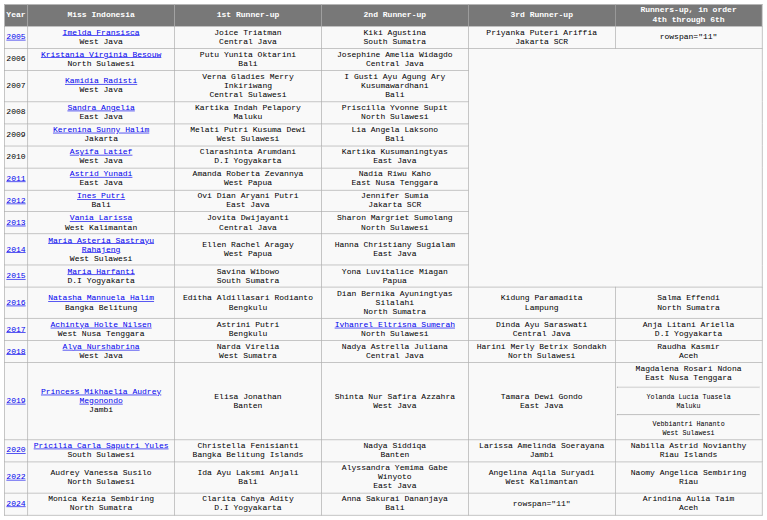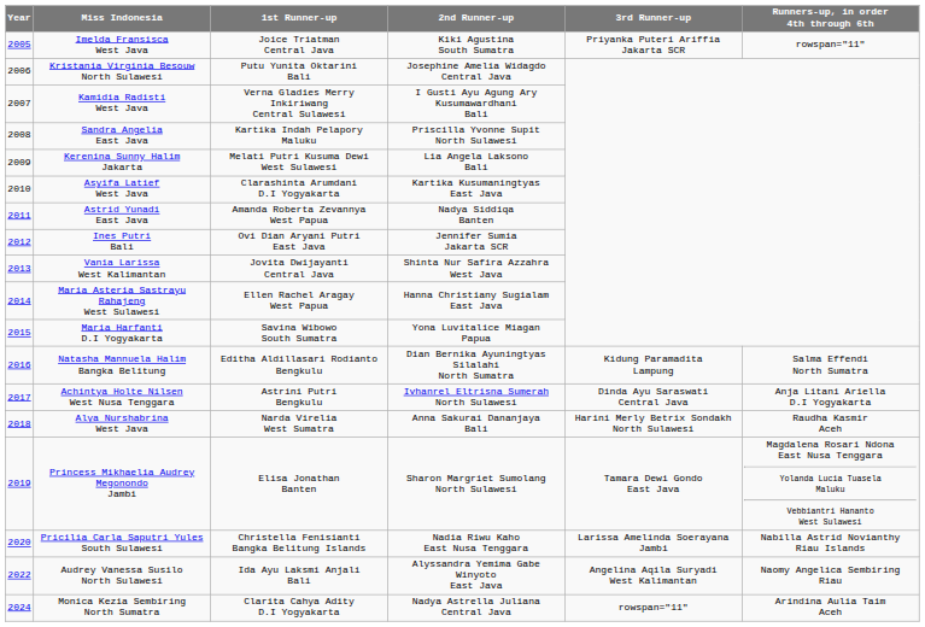 <table class="wikitable sortable" style="font-size: 95%; text-align:center">
 <tr>
 <th width="30" style="background-color:#787878;color:#FFFFFF;">Year</th>
 <th width="220" style="background-color:#787878;color:#FFFFFF;">Miss Indonesia</th>
 <th width="220" style="background-color:#787878;color:#FFFFFF;">1st Runner-up</th>
 <th width="220" style="background-color:#787878;color:#FFFFFF;">2nd Runner-up</th>
 <th width="220" style="background-color:#787878;color:#FFFFFF;">3rd Runner-up</th>
 <th width="220" style="background-color:#787878;color:#FFFFFF;">Runners-up, in order<br>4th through 6th</th>
 </tr>
 <tr>
 <td><a href='#'>2005</a></td>
 <td><a href='#'>Imelda Fransisca</a><br>West Java</td>
 <td>Joice Triatman<br>Central Java</td>
 <td>Kiki Agustina<br>South Sumatra</td>
 <td>Priyanka Puteri Ariffia<br>Jakarta SCR</td>
 <td>rowspan="11" </td>
 </tr>
 <tr>
 <td>2006</td>
 <td><a href='#'>Kristania Virginia Besouw</a><br>North Sulawesi</td>
 <td>Putu Yunita Oktarini<br>Bali</td>
 <td>Josephine Amelia Widagdo<br>Central Java</td>
 </tr>
 <tr>
 <td>2007</td>
 <td><a href='#'>Kamidia Radisti</a><br>West Java</td>
 <td>Verna Gladies Merry Inkiriwang<br>Central Sulawesi</td>
 <td>I Gusti Ayu Agung Ary Kusumawardhani<br>Bali</td>
 </tr>
 <tr>
 <td>2008</td>
 <td><a href='#'>Sandra Angelia</a><br>East Java</td>
 <td>Kartika Indah Pelapory<br>Maluku</td>
 <td>Priscilla Yvonne Supit<br>North Sulawesi</td>
 </tr>
 <tr>
 <td>2009</td>
 <td><a href='#'>Kerenina Sunny Halim</a><br>Jakarta</td>
 <td>Melati Putri Kusuma Dewi<br>West Sulawesi</td>
 <td>Lia Angela Laksono<br>Bali</td>
 </tr>
 <tr>
 <td>2010</td>
 <td><a href='#'>Asyifa Latief</a><br>West Java</td>
 <td>Clarashinta Arumdani<br>D.I Yogyakarta</td>
 <td>Kartika Kusumaningtyas<br>East Java</td>
 </tr>
 <tr>
 <td><a href='#'>2011</a></td>
 <td><a href='#'>Astrid Yunadi</a><br>East Java</td>
 <td>Amanda Roberta Zevannya<br>West Papua</td>
-<td>Nadia Riwu Kaho<br>East Nusa Tenggara</td>
+<td>Nadya Siddiqa<br>Banten</td>
 </tr>
 <tr>
 <td><a href='#'>2012</a></td>
 <td><a href='#'>Ines Putri</a><br>Bali</td>
 <td>Ovi Dian Aryani Putri<br>East Java</td>
 <td>Jennifer Sumia<br>Jakarta SCR</td>
 </tr>
 <tr>
 <td><a href='#'>2013</a></td>
 <td><a href='#'>Vania Larissa</a><br>West Kalimantan</td>
 <td>Jovita Dwijayanti<br>Central Java</td>
-<td>Sharon Margriet Sumolang<br>North Sulawesi</td>
+<td>Shinta Nur Safira Azzahra<br>West Java</td>
 </tr>
 <tr>
 <td><a href='#'>2014</a></td>
 <td><a href='#'>Maria Asteria Sastrayu Rahajeng</a><br>West Sulawesi</td>
 <td>Ellen Rachel Aragay<br>West Papua</td>
 <td>Hanna Christiany Sugialam<br>East Java</td>
 </tr>
 <tr>
 <td><a href='#'>2015</a></td>
 <td><a href='#'>Maria Harfanti</a><br>D.I Yogyakarta</td>
 <td>Savina Wibowo<br>South Sumatra</td>
 <td>Yona Luvitalice Miagan<br>Papua</td>
 </tr>
 <tr>
 <td><a href='#'>2016</a></td>
 <td><a href='#'>Natasha Mannuela Halim</a><br>Bangka Belitung</td>
 <td>Editha Aldillasari Rodianto<br>Bengkulu</td>
 <td>Dian Bernika Ayuningtyas Silalahi<br>North Sumatra</td>
 <td>Kidung Paramadita<br>Lampung</td>
 <td>Salma Effendi<br>North Sumatra</td>
 </tr>
 <tr>
 <td><a href='#'>2017</a></td>
 <td><a href='#'>Achintya Holte Nilsen</a><br>West Nusa Tenggara</td>
 <td>Astrini Putri<br>Bengkulu</td>
 <td><a href='#'>Ivhanrel Eltrisna Sumerah</a><br>North Sulawesi</td>
 <td>Dinda Ayu Saraswati<br>Central Java</td>
 <td>Anja Litani Ariella<br>D.I Yogyakarta</td>
 </tr>
 <tr>
 <td><a href='#'>2018</a></td>
 <td><a href='#'>Alya Nurshabrina</a><br>West Java</td>
 <td>Narda Virelia<br>West Sumatra</td>
-<td>Nadya Astrella Juliana<br>Central Java</td>
+<td>Anna Sakurai Dananjaya<br>Bali</td>
 <td>Harini Merly Betrix Sondakh<br>North Sulawesi</td>
 <td>Raudha Kasmir<br>Aceh</td>
 </tr>
 <tr>
 <td><a href='#'>2019</a></td>
 <td><a href='#'>Princess Mikhaelia Audrey Megonondo</a><br>Jambi</td>
 <td>Elisa Jonathan<br>Banten</td>
-<td>Shinta Nur Safira Azzahra<br>West Java</td>
+<td>Sharon Margriet Sumolang<br>North Sulawesi</td>
 <td>Tamara Dewi Gondo<br>East Java</td>
 <td>Magdalena Rosari Ndona<br>East Nusa Tenggara<hr><small>Yolanda Lucia Tuasela<br>Maluku</small><hr><small>Vebbiantri Hananto<br>West Sulawesi</small></td>
 </tr>
 <tr>
 <td><a href='#'>2020</a></td>
 <td><a href='#'>Pricilia Carla Saputri Yules</a><br>South Sulawesi</td>
 <td>Christella Fenisianti<br>Bangka Belitung Islands</td>
-<td>Nadya Siddiqa<br>Banten</td>
+<td>Nadia Riwu Kaho<br>East Nusa Tenggara</td>
 <td>Larissa Amelinda Soerayana<br>Jambi</td>
 <td>Nabilla Astrid Novianthy<br>Riau Islands</td>
 </tr>
 <tr>
 <td><a href='#'>2022</a></td>
 <td>Audrey Vanessa Susilo<br>North Sulawesi</td>
 <td>Ida Ayu Laksmi Anjali<br>Bali</td>
 <td>Alyssandra Yemima Gabe Winyoto<br>East Java</td>
 <td>Angelina Aqila Suryadi<br>West Kalimantan</td>
 <td>Naomy Angelica Sembiring<br>Riau</td>
 </tr>
 <tr>
 <td><a href='#'>2024</a></td>
 <td>Monica Kezia Sembiring<br>North Sumatra</td>
 <td>Clarita Cahya Adity<br>D.I Yogyakarta</td>
-<td>Anna Sakurai Dananjaya<br>Bali</td>
+<td>Nadya Astrella Juliana<br>Central Java</td>
 <td>rowspan="11" </td>
 <td>Arindina Aulia Taim<br>Aceh</td>
 </tr>
 </table>
